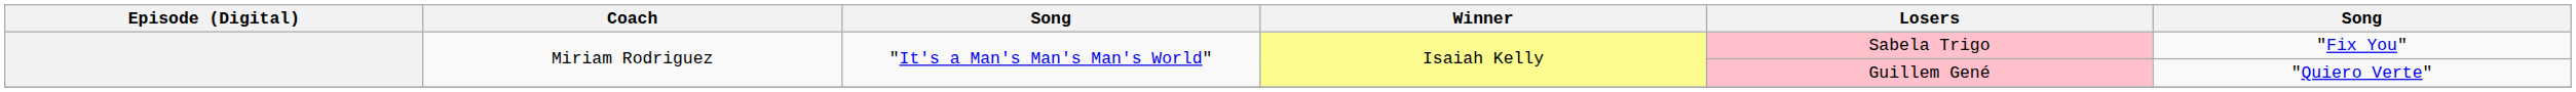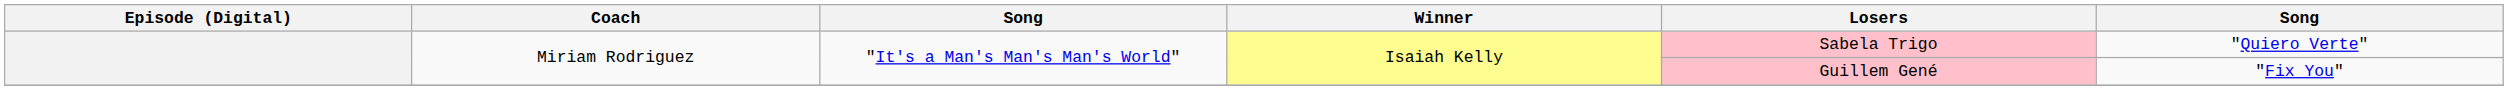 <table class="wikitable" style="text-align: center; width:100%">
 <tr>
 <th style="width:15%">Episode (Digital)</th>
 <th style="width:15%">Coach</th>
 <th style="width:15%">Song</th>
 <th style="width:16%">Winner</th>
 <th style="width:16%">Losers</th>
 <th style="width:15%">Song</th>
 </tr>
 <tr>
 <th rowspan="2"></th>
 <td rowspan="2">Miriam Rodriguez</td>
 <td rowspan="2">"<a href='#'>It's a Man's Man's Man's World</a>"</td>
 <td rowspan="2" style="background:#fdfc8f">Isaiah Kelly</td>
 <td style="background:pink">Sabela Trigo</td>
-<td>"<a href='#'>Fix You</a>"</td>
+<td>"<a href='#'>Quiero Verte</a>"</td>
 </tr>
 <tr>
 <td style="background:pink">Guillem Gené</td>
-<td>"<a href='#'>Quiero Verte</a>"</td>
+<td>"<a href='#'>Fix You</a>"</td>
 </tr>
 <tr>
 </tr>
 </table>
